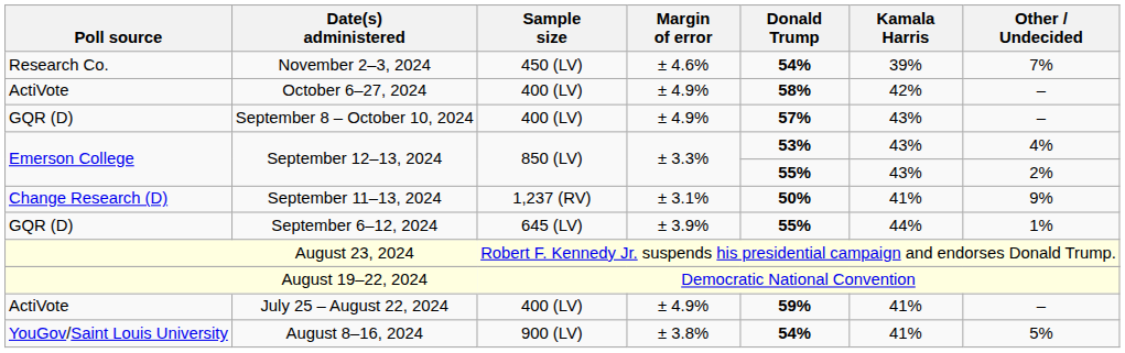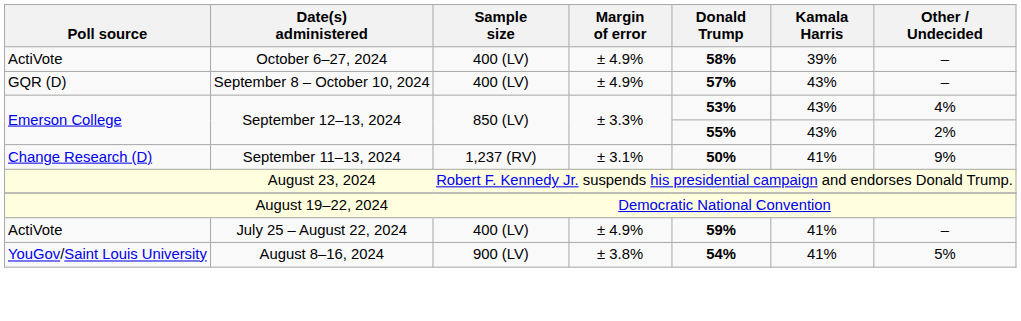 <table class="wikitable sortable mw-datatable" style="font-size:90%;text-align:center;line-height:17px">
 <tr valign=bottom>
 <th>Poll source</th>
 <th>Date(s)<br>administered</th>
 <th>Sample<br>size</th>
 <th>Margin<br>of error</th>
 <th class="unsortable">Donald<br>Trump<br></th>
 <th class="unsortable">Kamala<br>Harris<br></th>
 <th class="unsortable">Other /<br>Undecided</th>
 </tr>
 <tr>
-<td style="text-align:left;">Research Co.</td>
-<td data-sort-value="2024-11-03">November 2–3, 2024</td>
-<td>450 (LV)</td>
-<td>± 4.6%</td>
-<td style="background-color:"><strong>54%</strong></td>
-<td>39%</td>
-<td>7%</td>
-</tr>
-<tr>
 <td style="text-align:left;">ActiVote</td>
 <td data-sort-value="2024-10-10">October 6–27, 2024</td>
 <td>400 (LV)</td>
 <td>± 4.9%</td>
 <td style="background-color:"><strong>58%</strong></td>
-<td>42%</td>
+<td>39%</td>
 <td>–</td>
 </tr>
 <tr>
 <td style="text-align:left;">GQR (D)</td>
 <td data-sort-value="2024-10-10">September 8 – October 10, 2024</td>
 <td>400 (LV)</td>
 <td>± 4.9%</td>
 <td style="background-color:"><strong>57%</strong></td>
 <td>43%</td>
 <td>–</td>
 </tr>
 <tr>
 <td style="text-align:left;" rowspan="2"><a href='#'>Emerson College</a></td>
 <td rowspan="2">September 12–13, 2024</td>
 <td rowspan="2">850 (LV)</td>
 <td rowspan="2">± 3.3%</td>
 <td style="background-color:"><strong>53%</strong></td>
 <td>43%</td>
 <td>4%</td>
 </tr>
 <tr>
 <td style="background-color:"><strong>55%</strong></td>
 <td>43%</td>
 <td>2%</td>
 </tr>
 <tr>
 <td style="text-align:left;"><a href='#'>Change Research (D)</a></td>
 <td data-sort-value="2024-09-13">September 11–13, 2024</td>
 <td>1,237 (RV)</td>
 <td>± 3.1%</td>
 <td style="background-color:"><strong>50%</strong></td>
 <td>41%</td>
 <td>9%</td>
 </tr>
-<tr>
-<td style="text-align:left;">GQR (D)</td>
-<td data-sort-value="2024-09-12">September 6–12, 2024</td>
-<td>645 (LV)</td>
-<td>± 3.9%</td>
-<td style="background-color:"><strong>55%</strong></td>
-<td>44%</td>
-<td>1%</td>
-</tr>
 <tr style="background:lightyellow;">
 <td style="border-right-style:hidden;"></td>
 <td style="border-right-style:hidden; " data-sort-value="2024-08-21">August 23, 2024</td>
 <td colspan="5"><a href='#'>Robert F. Kennedy Jr.</a> suspends <a href='#'>his presidential campaign</a> and endorses Donald Trump.</td>
 </tr>
 <tr>
 </tr>
 <tr style="background:lightyellow;">
 <td style="border-right-style:hidden;"></td>
 <td style="border-right-style:hidden; " data-sort-value="2024-08-19">August 19–22, 2024</td>
 <td colspan="5"><a href='#'>Democratic National Convention</a></td>
 </tr>
 <tr>
 <td style="text-align:left;">ActiVote</td>
 <td data-sort-value="2024-08-22">July 25 – August 22, 2024</td>
 <td>400 (LV)</td>
 <td>± 4.9%</td>
 <td style="background-color:"><strong>59%</strong></td>
 <td>41%</td>
 <td>–</td>
 </tr>
 <tr>
 <td style="text-align:left;"><a href='#'>YouGov</a>/<a href='#'>Saint Louis University</a></td>
 <td data-sort-value="2024-08-16">August 8–16, 2024</td>
 <td>900 (LV)</td>
 <td>± 3.8%</td>
 <td style="background-color:"><strong>54%</strong></td>
 <td>41%</td>
 <td>5%</td>
 </tr>
 </table>
